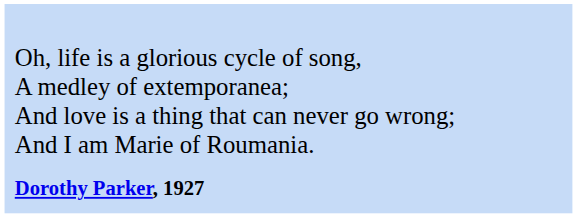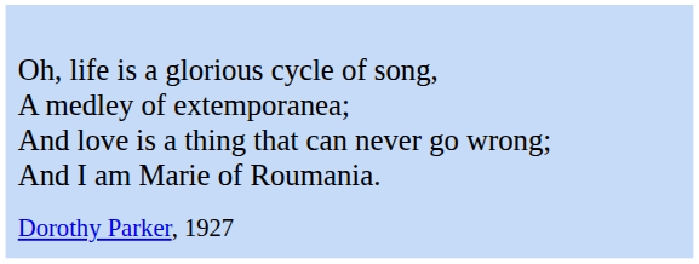 <table class="toccolours" style="float: right; margin-left: 1em; margin-right: 1em; font-size: 85%; background:#c6dbf7; color:black; width:23em; max-width: 35%;" cellspacing="5">
 <tr>
 <td style="text-align: left;"><br>Oh, life is a glorious cycle of song,<br> A medley of extemporanea;<br> And love is a thing that can never go wrong;<br> And I am Marie of Roumania.</td>
 </tr>
 <tr>
-<td style="text-align: left;"><strong><small><a href='#'>Dorothy Parker</a>, 1927</small></strong></td>
+<td style="text-align: left;"><small><a href='#'>Dorothy Parker</a>, 1927</small></td>
 </tr>
 </table>
